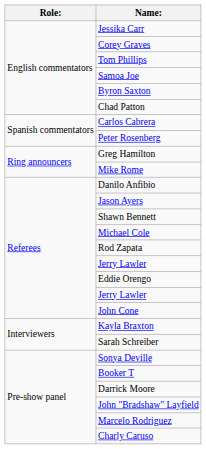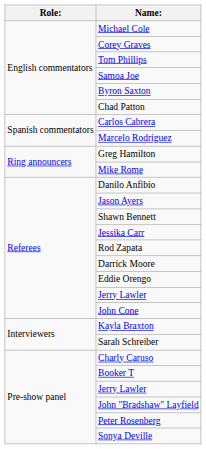 <table class=wikitable style="font-size:90%; margin: 0.5em 0 0.5em 1em; float: right; clear: right;">
 <tr>
 <th>Role:</th>
 <th>Name:</th>
 </tr>
 <tr>
 <td rowspan=6>English commentators</td>
-<td><a href='#'>Jessika Carr</a></td>
+<td><a href='#'>Michael Cole</a> </td>
 </tr>
 <tr>
 <td><a href='#'>Corey Graves</a> </td>
 </tr>
 <tr>
 <td><a href='#'>Tom Phillips</a> </td>
 </tr>
 <tr>
 <td><a href='#'>Samoa Joe</a> </td>
 </tr>
 <tr>
 <td><a href='#'>Byron Saxton</a> </td>
 </tr>
 <tr>
 <td>Chad Patton</td>
 </tr>
 <tr>
 <td rowspan=2>Spanish commentators</td>
 <td><a href='#'>Carlos Cabrera</a></td>
 </tr>
 <tr>
-<td><a href='#'>Peter Rosenberg</a></td>
+<td><a href='#'>Marcelo Rodriguez</a></td>
 </tr>
 <tr>
 <td rowspan=2><a href='#'>Ring announcers</a></td>
 <td>Greg Hamilton </td>
 </tr>
 <tr>
 <td><a href='#'>Mike Rome</a> </td>
 </tr>
 <tr>
 <td rowspan=9><a href='#'>Referees</a></td>
 <td>Danilo Anfibio</td>
 </tr>
 <tr>
 <td><a href='#'>Jason Ayers</a></td>
 </tr>
 <tr>
 <td>Shawn Bennett</td>
 </tr>
 <tr>
-<td><a href='#'>Michael Cole</a> </td>
+<td><a href='#'>Jessika Carr</a></td>
 </tr>
 <tr>
 <td>Rod Zapata</td>
 </tr>
 <tr>
-<td><a href='#'>Jerry Lawler</a></td>
+<td>Darrick Moore</td>
 </tr>
 <tr>
 <td>Eddie Orengo</td>
 </tr>
 <tr>
 <td><a href='#'>Jerry Lawler</a> </td>
 </tr>
 <tr>
 <td><a href='#'>John Cone</a></td>
 </tr>
 <tr>
 <td rowspan="2">Interviewers</td>
 <td><a href='#'>Kayla Braxton</a></td>
 </tr>
 <tr>
 <td>Sarah Schreiber</td>
 </tr>
 <tr>
 <td rowspan="6">Pre-show panel</td>
-<td><a href='#'>Sonya Deville</a></td>
+<td><a href='#'>Charly Caruso</a></td>
 </tr>
 <tr>
 <td><a href='#'>Booker T</a></td>
 </tr>
 <tr>
-<td>Darrick Moore</td>
+<td><a href='#'>Jerry Lawler</a></td>
 </tr>
 <tr>
 <td><a href='#'>John "Bradshaw" Layfield</a></td>
 </tr>
 <tr>
-<td><a href='#'>Marcelo Rodriguez</a></td>
+<td><a href='#'>Peter Rosenberg</a></td>
 </tr>
 <tr>
-<td><a href='#'>Charly Caruso</a></td>
+<td><a href='#'>Sonya Deville</a></td>
 </tr>
 </table>
